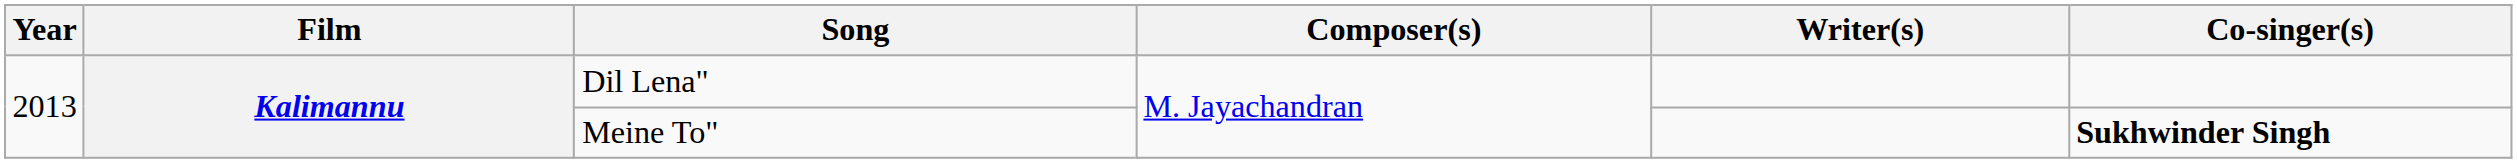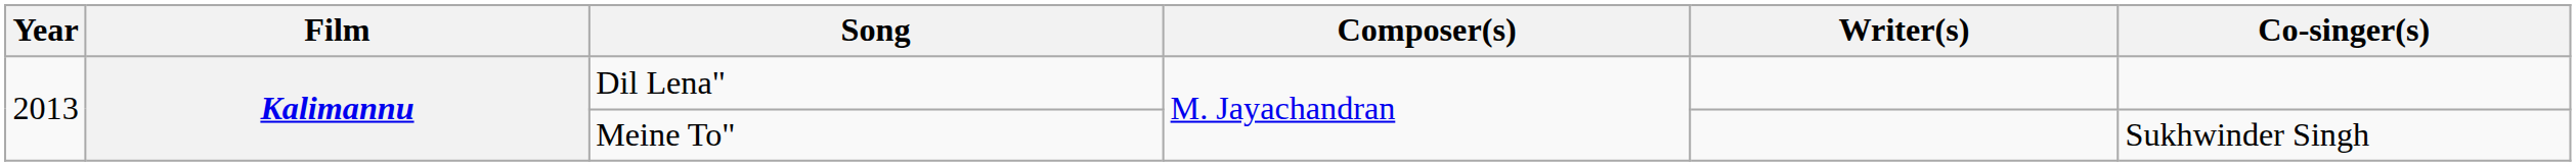 <table class="wikitable sortable">
 <tr>
 <th scope="col"><strong>Year</strong></th>
 <th scope="col" width=20%><strong>Film</strong></th>
 <th scope="col" width=23%><strong>Song</strong></th>
 <th scope="col" width=21%><strong>Composer(s)</strong></th>
 <th scope="col" width=17%><strong>Writer(s)</strong></th>
 <th scope="col" width=18%><strong>Co-singer(s)</strong></th>
 </tr>
 <tr>
 <td rowspan="2">2013</td>
 <th Rowspan="2"><em><a href='#'>Kalimannu</a></em></th>
 <td>Dil Lena"</td>
 <td rowspan=2><a href='#'>M. Jayachandran</a></td>
 <td></td>
 <td></td>
 </tr>
 <tr>
 <td>Meine To"</td>
 <td></td>
-<td><strong>Sukhwinder Singh</strong></td>
+<td>Sukhwinder Singh</td>
 </tr>
 </table>
